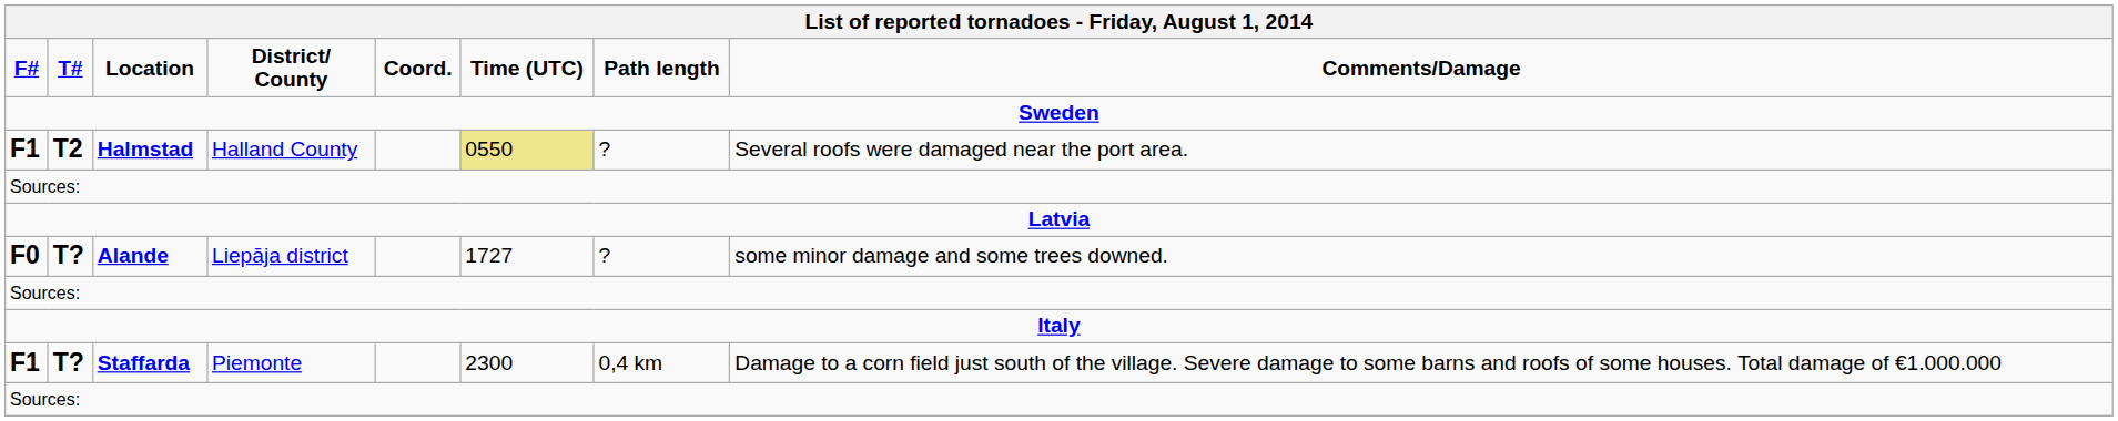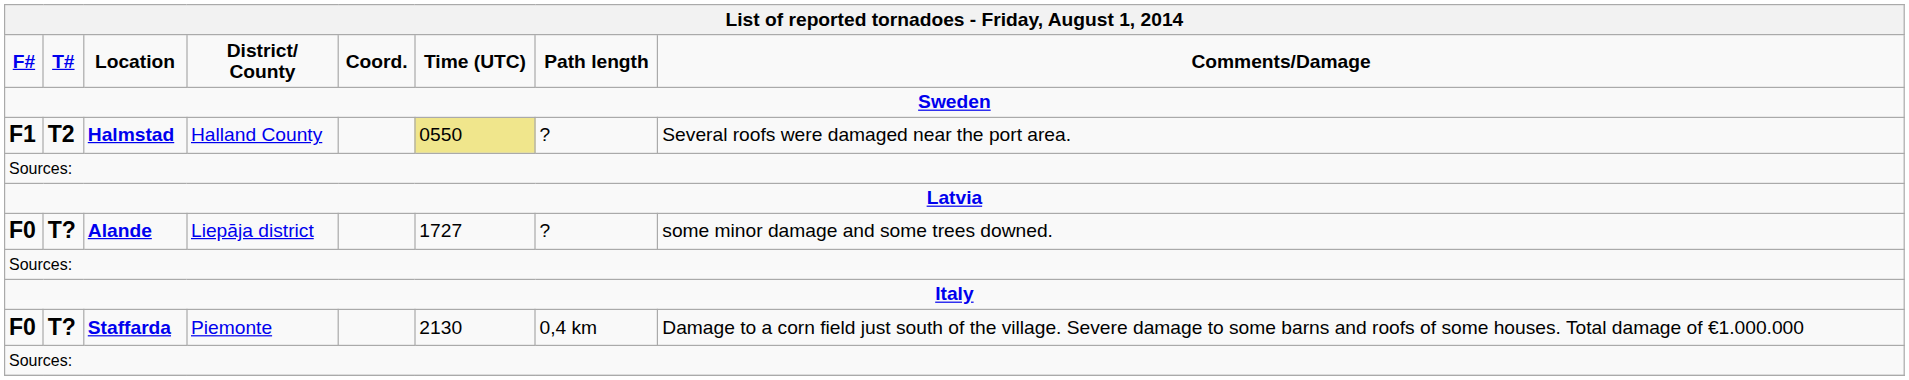 <table class="wikitable collapsible" width="100%">
 <tr>
 <th colspan="8">List of reported tornadoes - Friday, August 1, 2014</th>
 </tr>
 <tr>
 <td style="text-align: center;"><strong><a href='#'>F#</a></strong></td>
 <td style="text-align: center;"><strong><a href='#'>T#</a></strong></td>
 <td style="text-align: center;"><strong>Location</strong></td>
 <td style="text-align: center;"><strong>District/<br>County</strong></td>
 <td style="text-align: center;"><strong>Coord.</strong></td>
 <td style="text-align: center;"><strong>Time (UTC)</strong></td>
 <td style="text-align: center;"><strong>Path length</strong></td>
 <td style="text-align: center;"><strong>Comments/Damage</strong></td>
 </tr>
 <tr>
 <td colspan="8" align=center><strong><a href='#'>Sweden</a></strong></td>
 </tr>
 <tr>
 <td><big><strong>F1</strong></big></td>
 <td><big><strong>T2</strong></big></td>
 <td><strong><a href='#'>Halmstad</a></strong></td>
 <td><a href='#'>Halland County</a></td>
 <td></td>
 <td style="background: khaki;">0550</td>
 <td>?</td>
 <td>Several roofs were damaged near the port area.</td>
 </tr>
 <tr>
 <td colspan="8"><small>Sources:</small></td>
 </tr>
 <tr>
 <td colspan="8" align=center><strong><a href='#'>Latvia</a></strong></td>
 </tr>
 <tr>
 <td><big><strong>F0</strong></big></td>
 <td><big><strong>T?</strong></big></td>
 <td><strong><a href='#'>Alande</a></strong></td>
 <td><a href='#'>Liepāja district</a></td>
 <td></td>
 <td>1727</td>
 <td>?</td>
 <td>some minor damage and some trees downed.</td>
 </tr>
 <tr>
 <td colspan="8"><small>Sources:</small></td>
 </tr>
 <tr>
 <td colspan="8" align=center><strong><a href='#'>Italy</a></strong></td>
 </tr>
 <tr>
-<td><big><strong>F1</strong></big></td>
+<td><big><strong>F0</strong></big></td>
 <td><big><strong>T?</strong></big></td>
 <td><strong><a href='#'>Staffarda</a></strong></td>
 <td><a href='#'>Piemonte</a></td>
 <td></td>
-<td>2300</td>
+<td>2130</td>
 <td>0,4 km</td>
 <td>Damage to a corn field just south of the village. Severe damage to some barns and roofs of some houses. Total damage of €1.000.000</td>
 </tr>
 <tr>
 <td colspan="8"><small>Sources:</small></td>
 </tr>
 <tr>
 </tr>
 </table>
